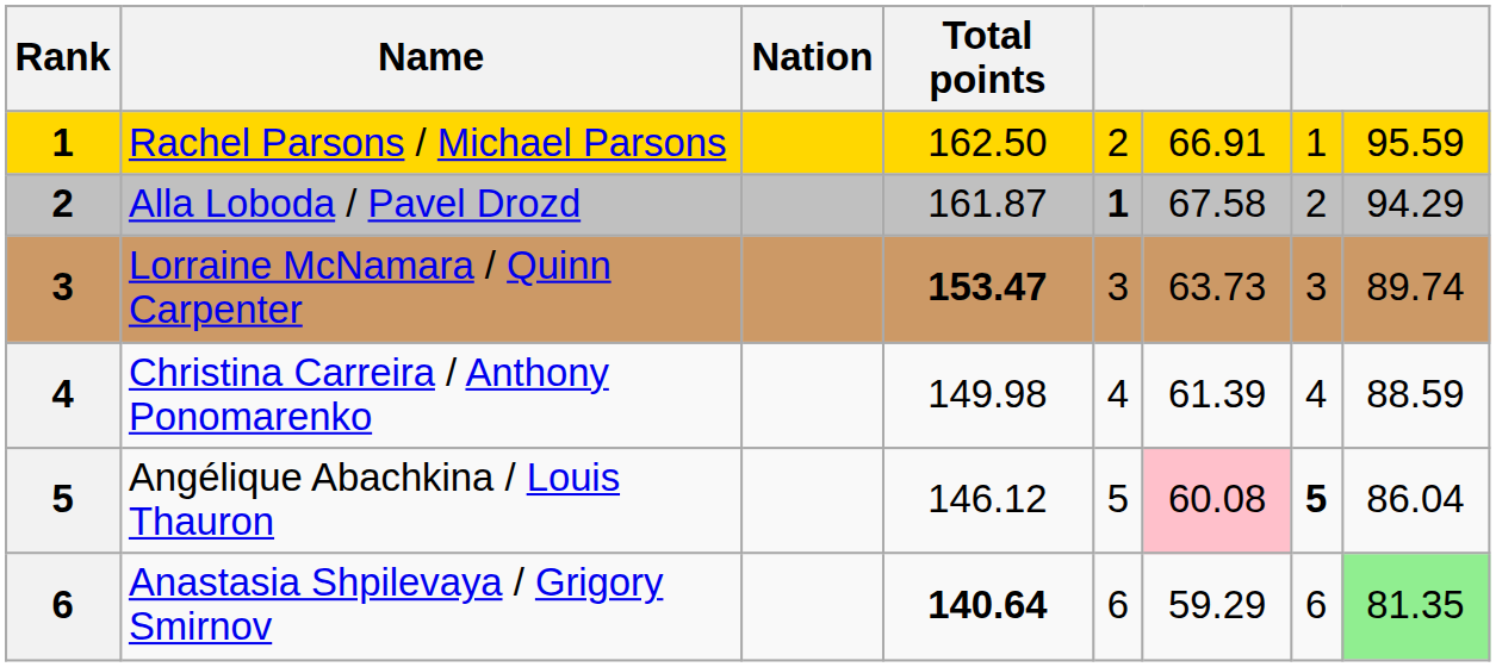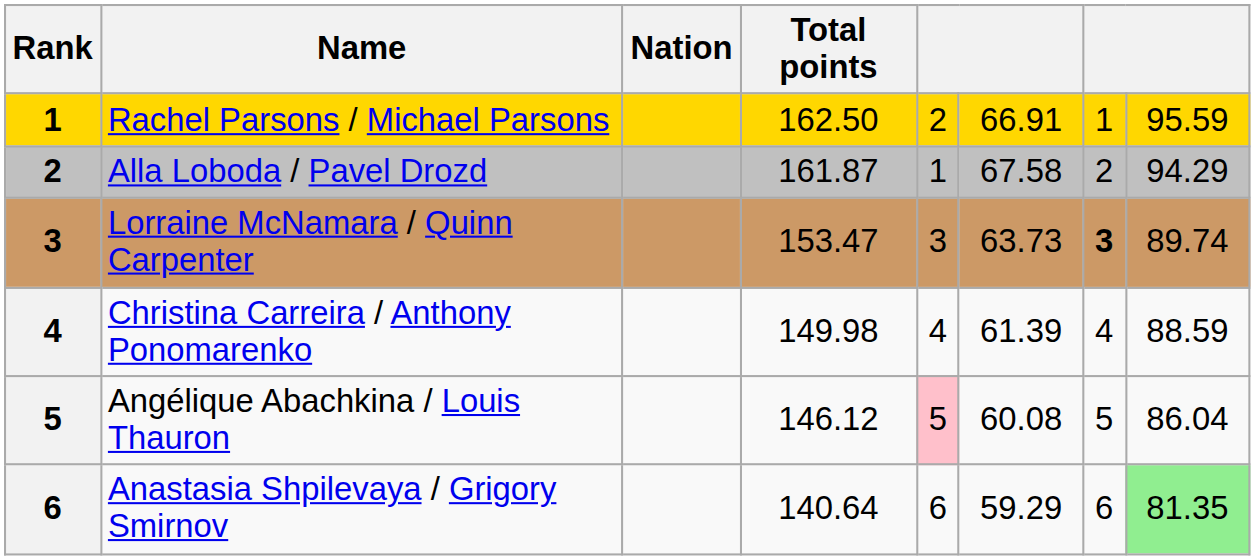 <table class="wikitable sortable">
 <tr>
 <th>Rank</th>
 <th>Name</th>
 <th>Nation</th>
 <th>Total points</th>
 <th colspan="2" width="80px"></th>
 <th colspan="2" width="80px"></th>
 </tr>
 <tr bgcolor="gold">
 <td align="center"><strong>1</strong></td>
 <td><a href='#'>Rachel Parsons</a> / <a href='#'>Michael Parsons</a></td>
 <td></td>
 <td align="center">162.50</td>
 <td align="center">2</td>
 <td align="center">66.91</td>
 <td align="center">1</td>
 <td align="center">95.59</td>
 </tr>
 <tr bgcolor="silver">
 <td align="center"><strong>2</strong></td>
 <td><a href='#'>Alla Loboda</a> / <a href='#'>Pavel Drozd</a></td>
 <td></td>
 <td align="center">161.87</td>
-<td align="center"><strong>1</strong></td>
+<td align="center">1</td>
 <td align="center">67.58</td>
 <td align="center">2</td>
 <td align="center">94.29</td>
 </tr>
 <tr bgcolor="cc9966">
 <td align="center"><strong>3</strong></td>
 <td><a href='#'>Lorraine McNamara</a> / <a href='#'>Quinn Carpenter</a></td>
 <td></td>
-<td align="center"><strong>153.47</strong></td>
+<td align="center">153.47</td>
 <td align="center">3</td>
 <td align="center">63.73</td>
-<td align="center">3</td>
+<td align="center"><strong>3</strong></td>
 <td align="center">89.74</td>
 </tr>
 <tr>
 <th>4</th>
 <td><a href='#'>Christina Carreira</a> / <a href='#'>Anthony Ponomarenko</a></td>
 <td></td>
 <td align="center">149.98</td>
 <td align="center">4</td>
 <td align="center">61.39</td>
 <td align="center">4</td>
 <td align="center">88.59</td>
 </tr>
 <tr>
 <th>5</th>
 <td>Angélique Abachkina / <a href='#'>Louis Thauron</a></td>
 <td></td>
 <td align="center">146.12</td>
+<td align="center" style="background: pink;">5</td>
+<td align="center">60.08</td>
 <td align="center">5</td>
-<td align="center" style="background: pink;">60.08</td>
-<td align="center"><strong>5</strong></td>
 <td align="center">86.04</td>
 </tr>
 <tr>
 <th>6</th>
 <td><a href='#'>Anastasia Shpilevaya</a> / <a href='#'>Grigory Smirnov</a></td>
 <td></td>
-<td align="center"><strong>140.64</strong></td>
+<td align="center">140.64</td>
 <td align="center">6</td>
 <td align="center">59.29</td>
 <td align="center">6</td>
 <td align="center" style="background: lightgreen;">81.35</td>
 </tr>
 </table>
